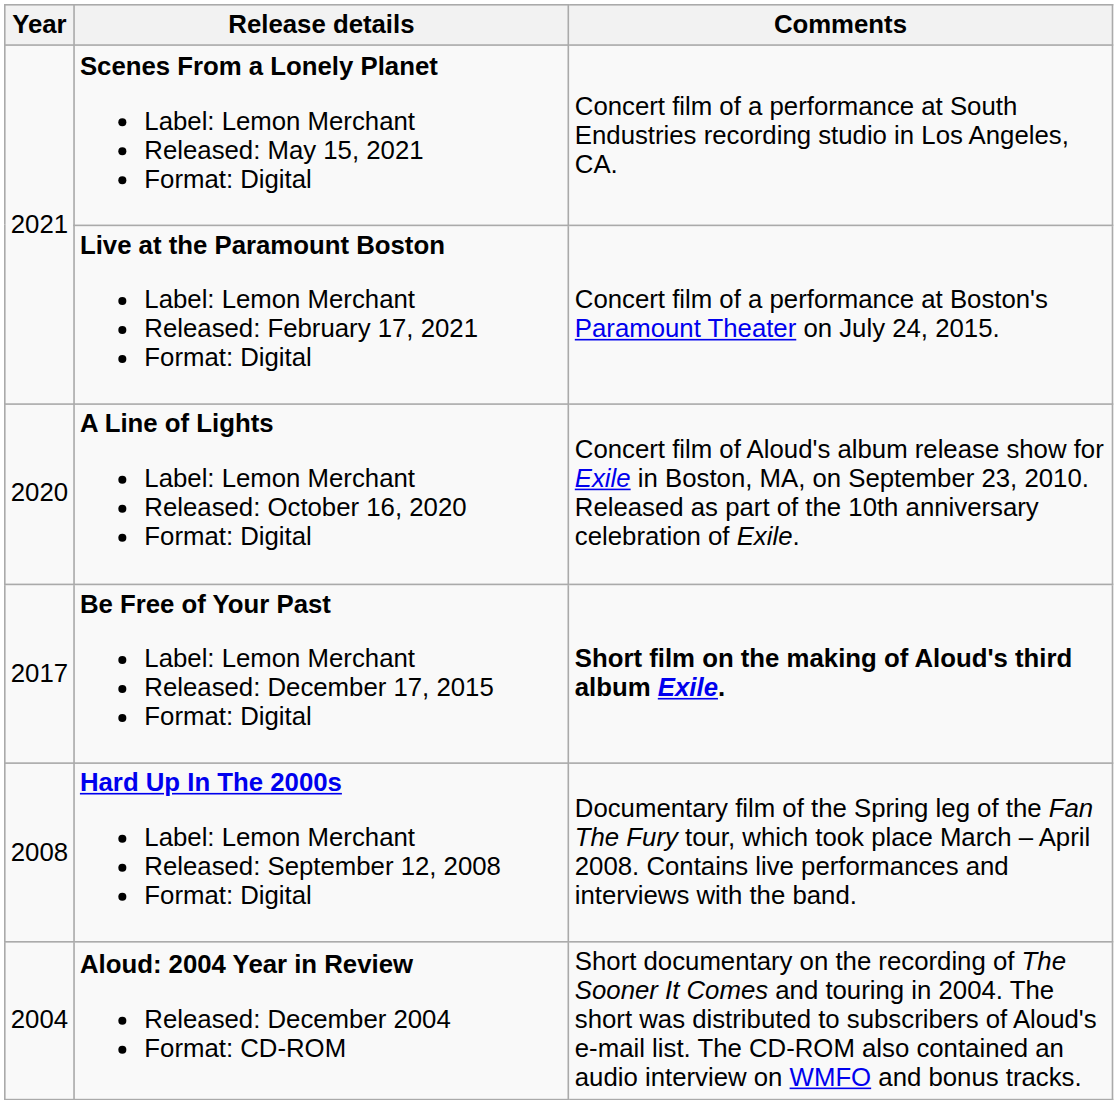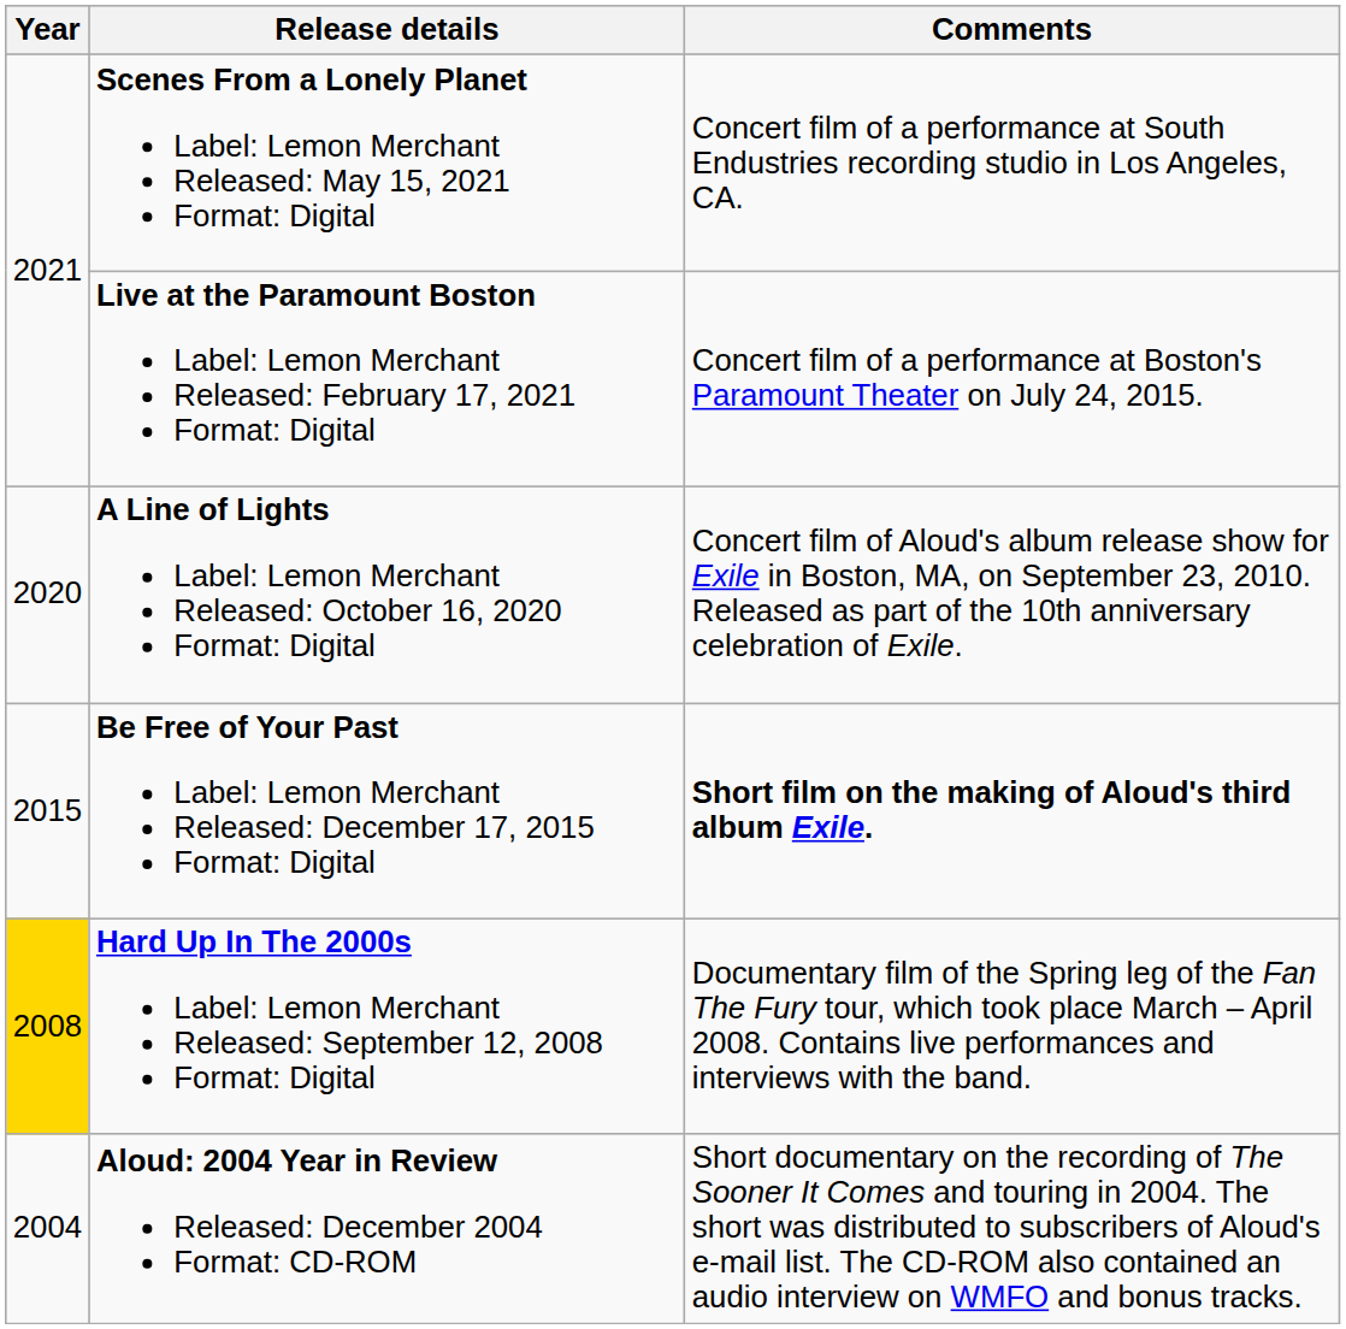 <table class="wikitable sortable">
 <tr>
 <th width="15">Year</th>
 <th width="300">Release details</th>
 <th width="330">Comments</th>
 </tr>
 <tr>
 <td rowspan="2">2021</td>
 <td><strong>Scenes From a Lonely Planet</strong><br><ul><li>Label: Lemon Merchant</li><li>Released: May 15, 2021</li><li>Format: Digital</li></ul></td>
 <td>Concert film of a performance at South Endustries recording studio in Los Angeles, CA.</td>
 </tr>
 <tr>
 <td><strong>Live at the Paramount Boston</strong><br><ul><li>Label: Lemon Merchant</li><li>Released: February 17, 2021</li><li>Format: Digital</li></ul></td>
 <td>Concert film of a performance at Boston's <a href='#'>Paramount Theater</a> on July 24, 2015.</td>
 </tr>
 <tr>
 <td>2020</td>
 <td><strong>A Line of Lights</strong><br><ul><li>Label: Lemon Merchant</li><li>Released: October 16, 2020</li><li>Format: Digital</li></ul></td>
 <td>Concert film of Aloud's album release show for <em><a href='#'>Exile</a></em> in Boston, MA, on September 23, 2010. Released as part of the 10th anniversary celebration of <em>Exile</em>.</td>
 </tr>
 <tr>
-<td>2017</td>
+<td>2015</td>
 <td><strong>Be Free of Your Past</strong><br><ul><li>Label: Lemon Merchant</li><li>Released: December 17, 2015</li><li>Format: Digital</li></ul></td>
 <td><strong>Short film on the making of Aloud's third album <em><a href='#'>Exile</a></em>.</strong></td>
 </tr>
 <tr>
-<td>2008</td>
+<td style="background: gold;">2008</td>
 <td><strong><a href='#'>Hard Up In The 2000s</a></strong><br><ul><li>Label: Lemon Merchant</li><li>Released: September 12, 2008</li><li>Format: Digital</li></ul></td>
 <td>Documentary film of the Spring leg of the <em>Fan The Fury</em> tour, which took place March – April 2008. Contains live performances and interviews with the band.</td>
 </tr>
 <tr>
 <td>2004</td>
 <td><strong>Aloud: 2004 Year in Review</strong><br><ul><li>Released: December 2004</li><li>Format: CD-ROM</li></ul></td>
 <td>Short documentary on the recording of <em>The Sooner It Comes</em> and touring in 2004. The short was distributed to subscribers of Aloud's e-mail list. The CD-ROM also contained an audio interview on <a href='#'>WMFO</a> and bonus tracks.</td>
 </tr>
 </table>
